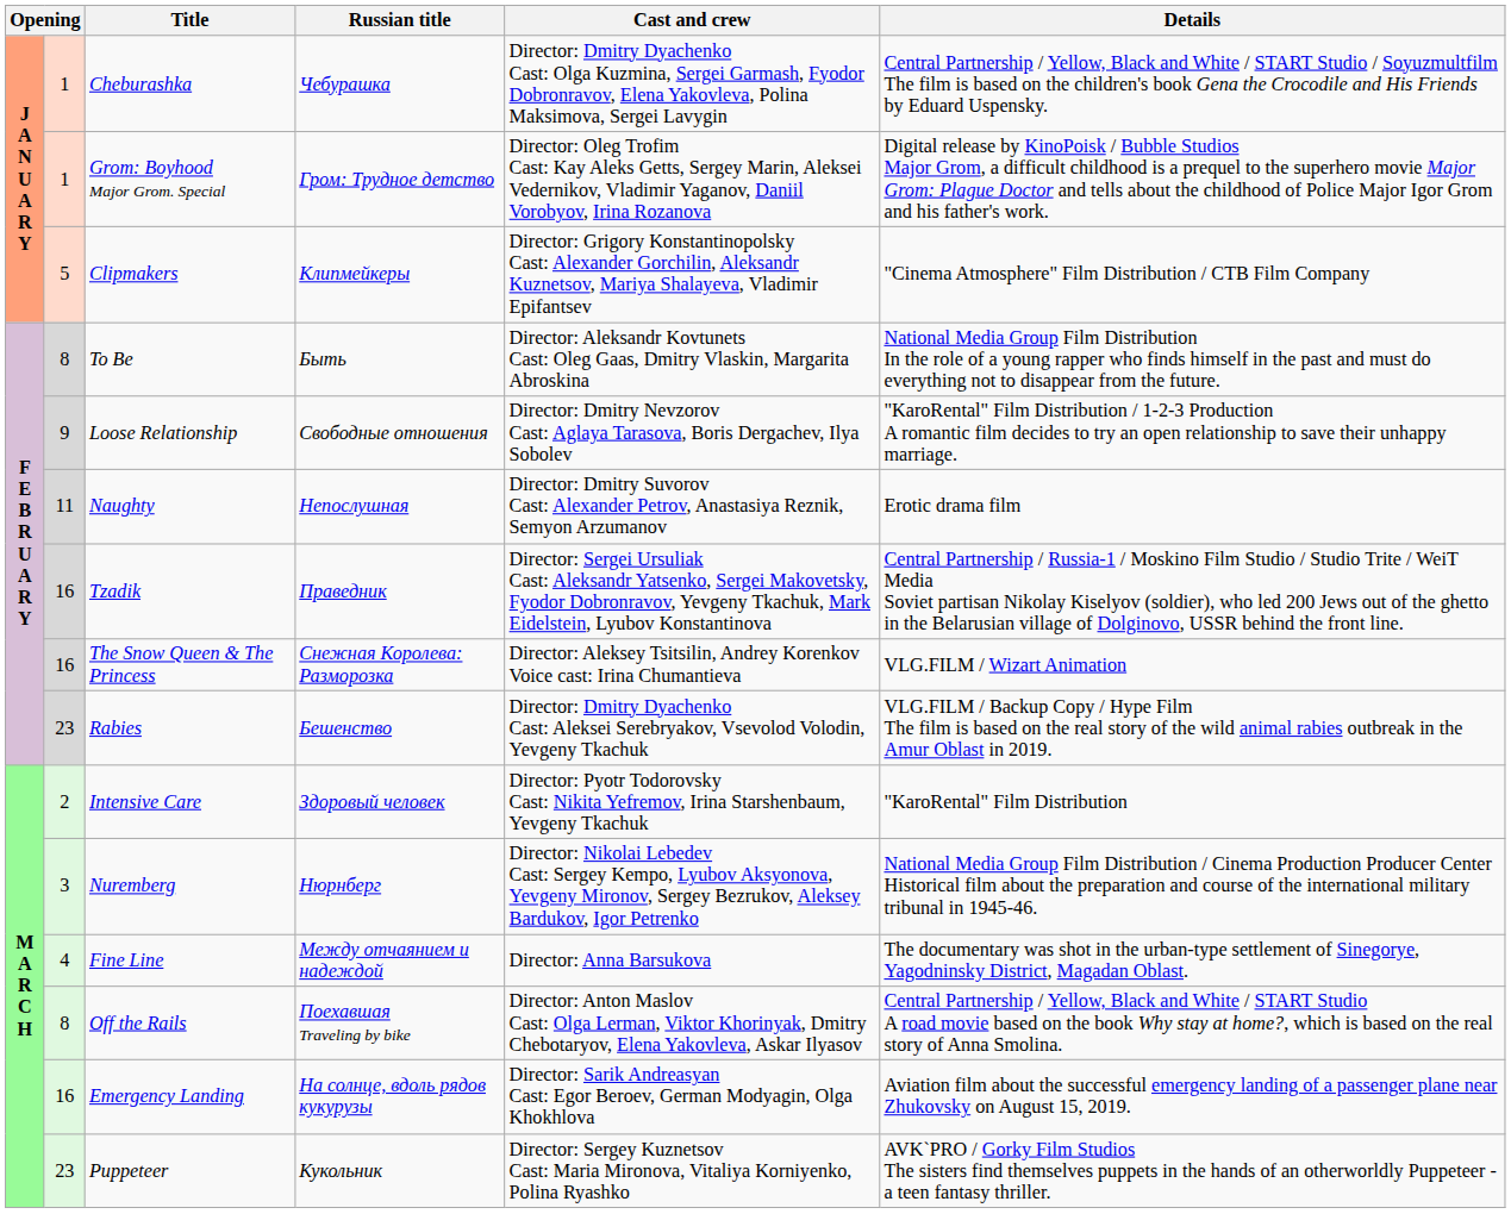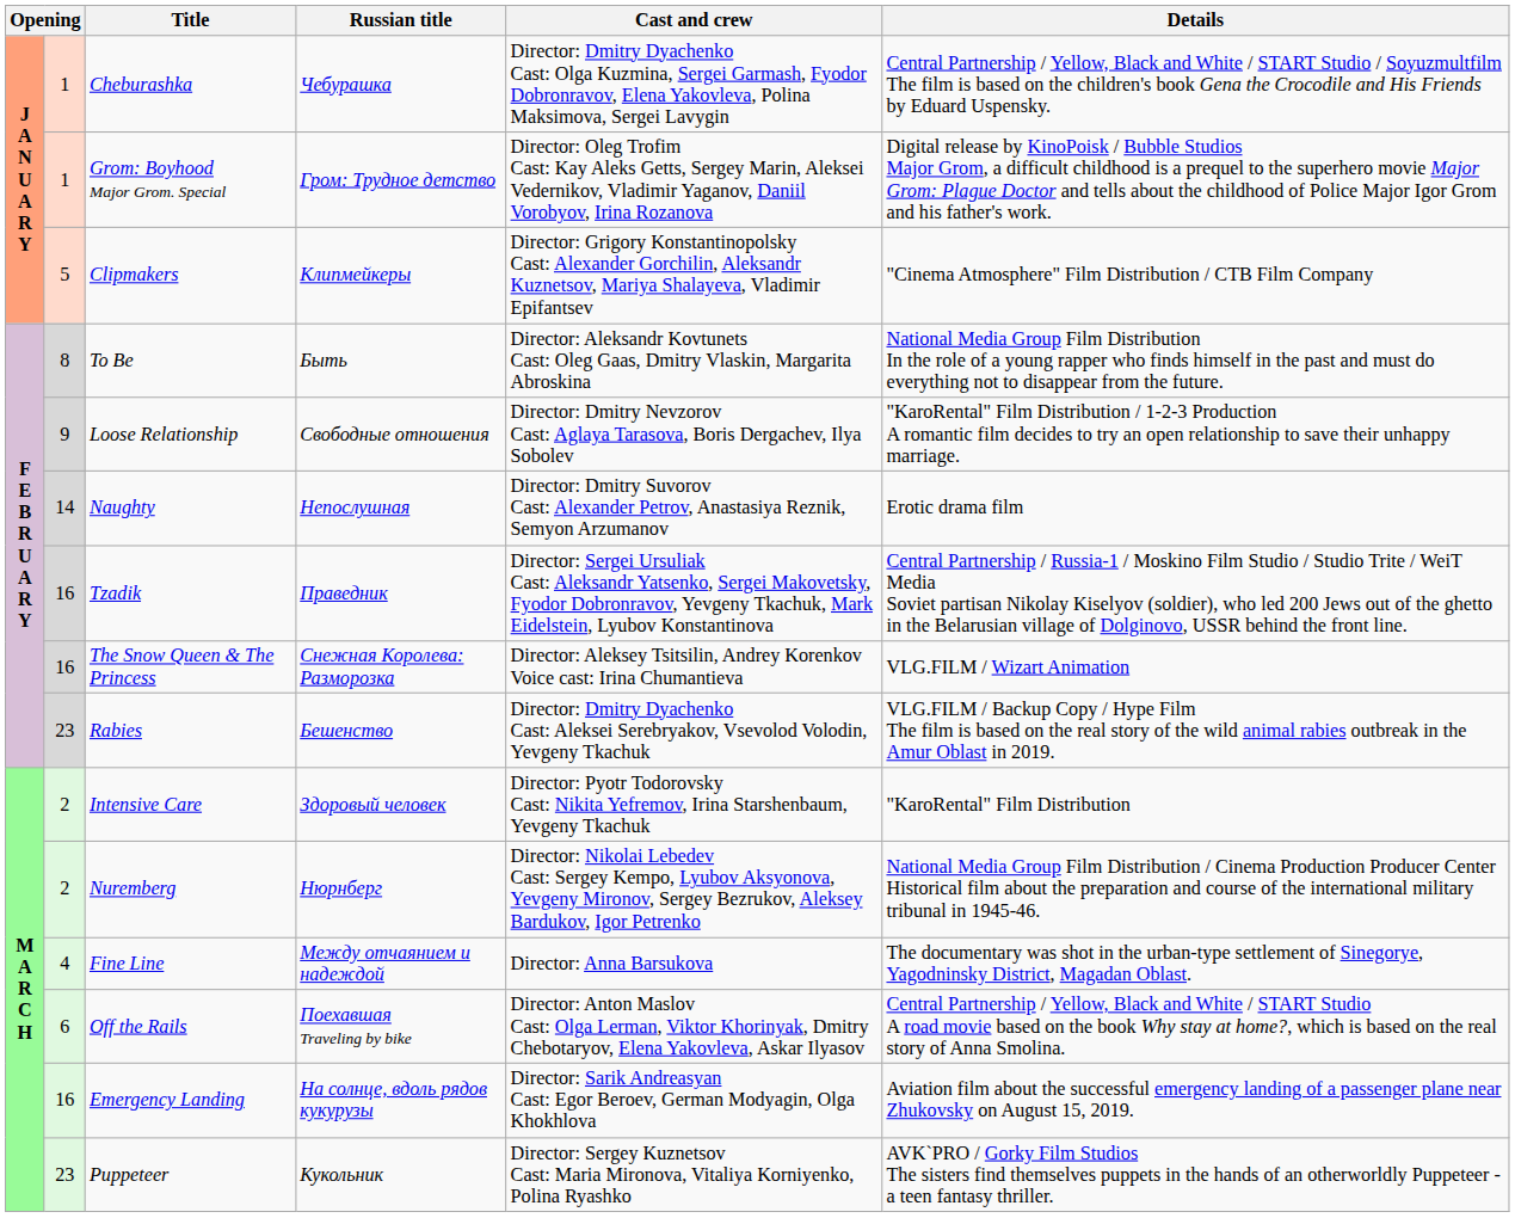 <table class="wikitable">
 <tr>
 <th colspan="2">Opening</th>
 <th style="width:14%;">Title</th>
 <th style="width:14%;">Russian title</th>
 <th style="width:25%;">Cast and crew</th>
 <th>Details</th>
 </tr>
 <tr>
 <th rowspan="3" align="center" style="background:#ffa07a; textcolor:#000;">J<br>A<br>N<br>U<br>A<br>R<br>Y</th>
 <td align="center" style="background:#ffdacc;">1</td>
 <td><em><a href='#'>Cheburashka</a></em></td>
 <td><em><a href='#'>Чебурашка</a></em></td>
 <td>Director: <a href='#'>Dmitry Dyachenko</a> <br> Cast: Olga Kuzmina, <a href='#'>Sergei Garmash</a>, <a href='#'>Fyodor Dobronravov</a>, <a href='#'>Elena Yakovleva</a>, Polina Maksimova, Sergei Lavygin</td>
 <td><a href='#'>Central Partnership</a> / <a href='#'>Yellow, Black and White</a> / <a href='#'>START Studio</a> / <a href='#'>Soyuzmultfilm</a> <br> The film is based on the children's book <em>Gena the Crocodile and His Friends</em> by Eduard Uspensky.</td>
 </tr>
 <tr>
 <td align="center" style="background:#ffdacc;">1</td>
 <td><em><a href='#'>Grom: Boyhood</a></em> <br> <small><em>Major Grom. Special</em></small></td>
 <td><em><a href='#'>Гром: Трудное детство</a></em></td>
 <td>Director: Oleg Trofim <br> Cast: Kay Aleks Getts, Sergey Marin, Aleksei Vedernikov, Vladimir Yaganov, <a href='#'>Daniil Vorobyov</a>, <a href='#'>Irina Rozanova</a></td>
 <td>Digital release by <a href='#'>KinoPoisk</a> / <a href='#'>Bubble Studios</a> <br> <a href='#'>Major Grom</a>, a difficult childhood is a prequel to the superhero movie <em><a href='#'>Major Grom: Plague Doctor</a></em> and tells about the childhood of Police Major Igor Grom and his father's work.</td>
 </tr>
 <tr>
 <td align="center" style="background:#ffdacc;">5</td>
 <td><em><a href='#'>Clipmakers</a></em></td>
 <td><em><a href='#'>Клипмейкеры</a></em></td>
 <td>Director: Grigory Konstantinopolsky <br> Cast: <a href='#'>Alexander Gorchilin</a>, <a href='#'>Aleksandr Kuznetsov</a>, <a href='#'>Mariya Shalayeva</a>, Vladimir Epifantsev</td>
 <td>"Cinema Atmosphere" Film Distribution  / CTB Film Company</td>
 </tr>
 <tr>
 <th rowspan="6" align="center" style="background:thistle; textcolor:#000;">F<br>E<br>B<br>R<br>U<br>A<br>R<br>Y</th>
 <td align="center" style="background:#d8d8d8;">8</td>
 <td><em>To Be</em></td>
 <td><em>Быть</em></td>
 <td>Director: Aleksandr Kovtunets <br> Cast: Oleg Gaas, Dmitry Vlaskin, Margarita Abroskina</td>
 <td><a href='#'>National Media Group</a> Film Distribution <br> In the role of a young rapper who finds himself in the past and must do everything not to disappear from the future.</td>
 </tr>
 <tr>
 <td align="center" style="background:#d8d8d8;">9</td>
 <td><em>Loose Relationship</em></td>
 <td><em>Свободные отношения</em></td>
 <td>Director: Dmitry Nevzorov <br> Cast: <a href='#'>Aglaya Tarasova</a>, Boris Dergachev, Ilya Sobolev</td>
 <td>"KaroRental" Film Distribution / 1-2-3 Production <br> A romantic film decides to try an open relationship to save their unhappy marriage.</td>
 </tr>
 <tr>
-<td align="center" style="background:#d8d8d8;">11</td>
+<td align="center" style="background:#d8d8d8;">14</td>
 <td><em><a href='#'>Naughty</a></em></td>
 <td><em><a href='#'>Непослушная</a></em></td>
 <td>Director: Dmitry Suvorov <br> Cast: <a href='#'>Alexander Petrov</a>, Anastasiya Reznik, Semyon Arzumanov</td>
 <td>Erotic drama film</td>
 </tr>
 <tr>
 <td align="center" style="background:#d8d8d8;">16</td>
 <td><em><a href='#'>Tzadik</a></em></td>
 <td><em><a href='#'>Праведник</a></em></td>
 <td>Director: <a href='#'>Sergei Ursuliak</a> <br> Cast: <a href='#'>Aleksandr Yatsenko</a>, <a href='#'>Sergei Makovetsky</a>, <a href='#'>Fyodor Dobronravov</a>, Yevgeny Tkachuk, <a href='#'>Mark Eidelstein</a>, Lyubov Konstantinova</td>
 <td><a href='#'>Central Partnership</a> / <a href='#'>Russia-1</a> / Moskino Film Studio / Studio Trite / WeiT Media <br> Soviet partisan Nikolay Kiselyov (soldier), who led 200 Jews out of the ghetto in the Belarusian village of <a href='#'>Dolginovo</a>, USSR behind the front line.</td>
 </tr>
 <tr>
 <td align="center" style="background:#d8d8d8;">16</td>
 <td><em><a href='#'>The Snow Queen & The Princess</a></em></td>
 <td><em><a href='#'>Снежная Королева: Разморозка</a></em></td>
 <td>Director: Aleksey Tsitsilin, Andrey Korenkov <br> Voice cast: Irina Chumantieva</td>
 <td>VLG.FILM / <a href='#'>Wizart Animation</a></td>
 </tr>
 <tr>
 <td align="center" style="background:#d8d8d8;">23</td>
 <td><em><a href='#'>Rabies</a></em></td>
 <td><em><a href='#'>Бешенство</a></em></td>
 <td>Director: <a href='#'>Dmitry Dyachenko</a> <br> Cast: Aleksei Serebryakov, Vsevolod Volodin, Yevgeny Tkachuk</td>
 <td>VLG.FILM / Backup Copy / Hype Film <br> The film is based on the real story of the wild <a href='#'>animal rabies</a> outbreak in the <a href='#'>Amur Oblast</a> in 2019.</td>
 </tr>
 <tr>
 <th rowspan="6" align="center" style="background:#98fb98; textcolor:#000;">M<br>A<br>R<br>C<br>H</th>
 <td align="center" style="background:#e0f9e0;">2</td>
 <td><em><a href='#'>Intensive Care</a></em></td>
 <td><em><a href='#'>Здоровый человек</a></em></td>
 <td>Director: Pyotr Todorovsky <br> Cast: <a href='#'>Nikita Yefremov</a>, Irina Starshenbaum, Yevgeny Tkachuk</td>
 <td>"KaroRental" Film Distribution</td>
 </tr>
 <tr>
-<td align="center" style="background:#e0f9e0;">3</td>
+<td align="center" style="background:#e0f9e0;">2</td>
 <td><em><a href='#'>Nuremberg</a></em></td>
 <td><em><a href='#'>Нюрнберг</a></em></td>
 <td>Director: <a href='#'>Nikolai Lebedev</a> <br> Cast: Sergey Kempo, <a href='#'>Lyubov Aksyonova</a>, <a href='#'>Yevgeny Mironov</a>, Sergey Bezrukov, <a href='#'>Aleksey Bardukov</a>, <a href='#'>Igor Petrenko</a></td>
 <td><a href='#'>National Media Group</a> Film Distribution / Cinema Production Producer Center <br> Historical film about the preparation and course of the international military tribunal in 1945-46.</td>
 </tr>
 <tr>
 <td align="center" style="background:#e0f9e0;">4</td>
 <td><em><a href='#'>Fine Line</a></em></td>
 <td><em><a href='#'>Между отчаянием и надеждой</a></em></td>
 <td>Director: <a href='#'>Anna Barsukova</a></td>
 <td>The documentary was shot in the urban-type settlement of <a href='#'>Sinegorye</a>, <a href='#'>Yagodninsky District</a>, <a href='#'>Magadan Oblast</a>. <br> </td>
 </tr>
 <tr>
-<td align="center" style="background:#e0f9e0;">8</td>
+<td align="center" style="background:#e0f9e0;">6</td>
 <td><em><a href='#'>Off the Rails</a></em></td>
 <td><em><a href='#'>Поехавшая</a></em> <br> <small><em>Traveling by bike</em></small></td>
 <td>Director: Anton Maslov <br> Cast: <a href='#'>Olga Lerman</a>, <a href='#'>Viktor Khorinyak</a>, Dmitry Chebotaryov, <a href='#'>Elena Yakovleva</a>, Askar Ilyasov</td>
 <td><a href='#'>Central Partnership</a> / <a href='#'>Yellow, Black and White</a> / <a href='#'>START Studio</a> <br> A <a href='#'>road movie</a> based on the book <em>Why stay at home?</em>, which is based on the real story of Anna Smolina.</td>
 </tr>
 <tr>
 <td align="center" style="background:#e0f9e0;">16</td>
 <td><em><a href='#'>Emergency Landing</a></em></td>
 <td><em><a href='#'>На солнце, вдоль рядов кукурузы</a></em></td>
 <td>Director: <a href='#'>Sarik Andreasyan</a> <br> Cast: Egor Beroev, German Modyagin, Olga Khokhlova</td>
 <td>Aviation film about the successful <a href='#'>emergency landing of a passenger plane near Zhukovsky</a> on August 15, 2019.</td>
 </tr>
 <tr>
 <td align="center" style="background:#e0f9e0;">23</td>
 <td><em>Puppeteer</em></td>
 <td><em>Кукольник</em></td>
 <td>Director: Sergey Kuznetsov <br> Cast: Maria Mironova, Vitaliya Korniyenko, Polina Ryashko</td>
 <td>AVK`PRO / <a href='#'>Gorky Film Studios</a> <br> The sisters find themselves puppets in the hands of an otherworldly Puppeteer - a teen fantasy thriller.</td>
 </tr>
 </table>
